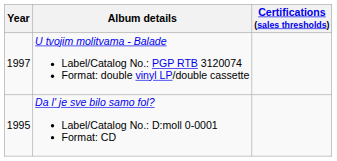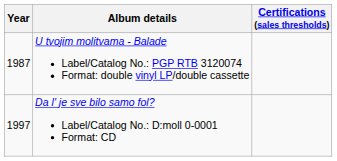 <table class="wikitable" style="text-align:center;">
 <tr>
 <th>Year</th>
 <th>Album details</th>
 <th><a href='#'>Certifications</a><br><small>(<a href='#'>sales thresholds</a>)</small></th>
 </tr>
 <tr>
-<td>1997</td>
+<td>1987</td>
 <td style="text-align:left;"><em><a href='#'>U tvojim molitvama - Balade</a></em><br><ul><li>Label/Catalog No.: <a href='#'>PGP RTB</a> 3120074</li><li>Format: double <a href='#'>vinyl LP</a>/double cassette</li></ul></td>
 <td></td>
 </tr>
 <tr>
-<td>1995</td>
+<td>1997</td>
 <td style="text-align:left;"><em><a href='#'>Da l' je sve bilo samo fol?</a></em><br><ul><li>Label/Catalog No.: D:moll 0-0001</li><li>Format: CD</li></ul></td>
 <td></td>
 </tr>
 </table>
